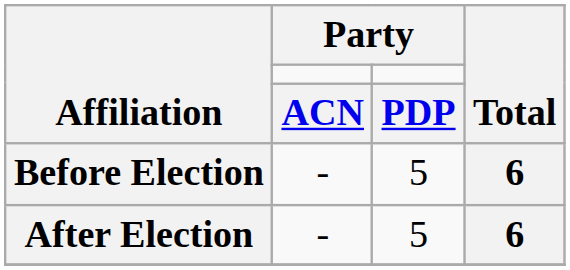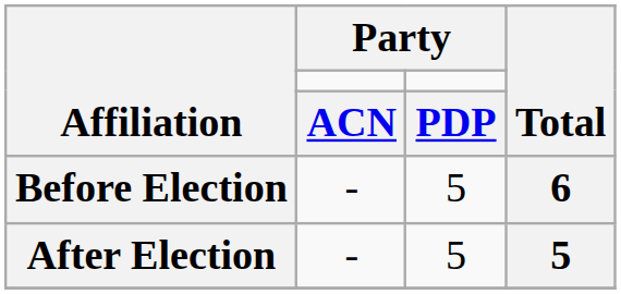 <table class=wikitable style="text-align:center">
 <tr style="vertical-align:bottom;">
 <th rowspan=3>Affiliation</th>
 <th colspan=2>Party</th>
 <th rowspan=3>Total</th>
 </tr>
 <tr>
 <td style="background-color:"></td>
 <td style="background-color:"></td>
 </tr>
 <tr>
 <th><a href='#'>ACN</a></th>
 <th><a href='#'>PDP</a></th>
 </tr>
 <tr>
 <th>Before Election</th>
 <td>-</td>
 <td>5</td>
 <th>6</th>
 </tr>
 <tr>
 <th>After Election</th>
 <td>-</td>
 <td>5</td>
-<th>6</th>
+<th>5</th>
 </tr>
 <tr>
 </tr>
 </table>
